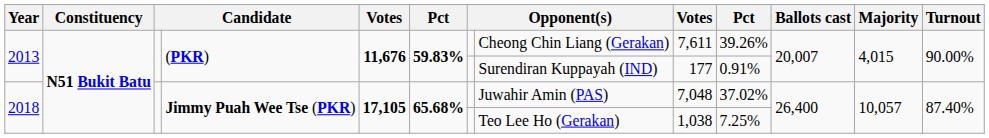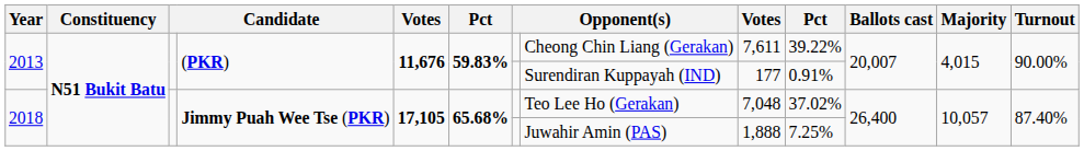 <table class="wikitable" style="margin:0.5em ; font-size:95%">
 <tr>
 <th>Year</th>
 <th>Constituency</th>
 <th colspan=2>Candidate</th>
 <th>Votes</th>
 <th>Pct</th>
 <th colspan=2>Opponent(s)</th>
 <th>Votes</th>
 <th>Pct</th>
 <th>Ballots cast</th>
 <th>Majority</th>
 <th>Turnout</th>
 </tr>
 <tr>
 <td rowspan=2><a href='#'>2013</a></td>
 <td rowspan=4><strong>N51 <a href='#'>Bukit Batu</a></strong></td>
 <td rowspan=2 ></td>
 <td rowspan=2> (<a href='#'><strong>PKR</strong></a>)</td>
 <td rowspan=2 align="right"><strong>11,676</strong></td>
 <td rowspan=2><strong>59.83%</strong></td>
 <td></td>
 <td>Cheong Chin Liang (<a href='#'>Gerakan</a>)</td>
 <td align="right">7,611</td>
-<td>39.26%</td>
+<td>39.22%</td>
 <td rowspan=2>20,007</td>
 <td rowspan=2>4,015</td>
 <td rowspan=2>90.00%</td>
 </tr>
 <tr>
 <td></td>
 <td>Surendiran Kuppayah (<a href='#'>IND</a>)</td>
 <td align="right">177</td>
 <td>0.91%</td>
 </tr>
 <tr>
 <td rowspan=2><a href='#'>2018</a></td>
 <td rowspan=2 ></td>
 <td rowspan=2><strong>Jimmy Puah Wee Tse</strong> (<a href='#'><strong>PKR</strong></a>)</td>
 <td rowspan=2 align="right"><strong>17,105</strong></td>
 <td rowspan=2><strong>65.68%</strong></td>
 <td></td>
-<td>Juwahir Amin (<a href='#'>PAS</a>)</td>
+<td>Teo Lee Ho (<a href='#'>Gerakan</a>)</td>
 <td align="right">7,048</td>
 <td>37.02%</td>
 <td rowspan=2>26,400</td>
 <td rowspan=2>10,057</td>
 <td rowspan=2>87.40%</td>
 </tr>
 <tr>
 <td></td>
-<td>Teo Lee Ho (<a href='#'>Gerakan</a>)</td>
-<td align="right">1,038</td>
+<td>Juwahir Amin (<a href='#'>PAS</a>)</td>
+<td align="right">1,888</td>
 <td>7.25%</td>
 </tr>
 </table>
